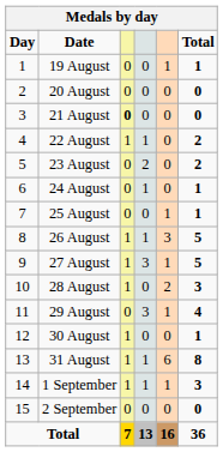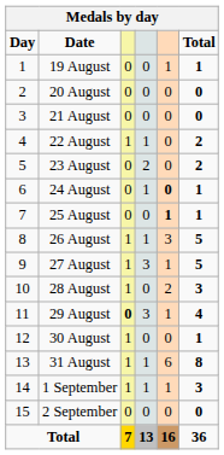 <table class=wikitable style="font-size:85%; float:right;text-align:center">
 <tr>
 <th colspan=7>Medals by day</th>
 </tr>
 <tr>
 <td><strong>Day</strong></td>
 <td><strong>Date</strong></td>
 <td bgcolor=F7F6A8></td>
 <td bgcolor=DCE5E5></td>
 <td bgcolor=FFDAB9></td>
 <td><strong>Total</strong></td>
 </tr>
 <tr>
 <td>1</td>
 <td>19 August</td>
 <td bgcolor=F7F6A8>0</td>
 <td bgcolor=DCE5E5>0</td>
 <td bgcolor=FFDAB9>1</td>
 <td><strong>1</strong></td>
 </tr>
 <tr>
 <td>2</td>
 <td>20 August</td>
 <td bgcolor=F7F6A8>0</td>
 <td bgcolor=DCE5E5>0</td>
 <td bgcolor=FFDAB9>0</td>
 <td><strong>0</strong></td>
 </tr>
 <tr>
 <td>3</td>
 <td>21 August</td>
-<td bgcolor=F7F6A8><strong>0</strong></td>
+<td bgcolor=F7F6A8>0</td>
 <td bgcolor=DCE5E5>0</td>
 <td bgcolor=FFDAB9>0</td>
 <td><strong>0</strong></td>
 </tr>
 <tr>
 <td>4</td>
 <td>22 August</td>
 <td bgcolor=F7F6A8>1</td>
 <td bgcolor=DCE5E5>1</td>
 <td bgcolor=FFDAB9>0</td>
 <td><strong>2</strong></td>
 </tr>
 <tr>
 <td>5</td>
 <td>23 August</td>
 <td bgcolor=F7F6A8>0</td>
 <td bgcolor=DCE5E5>2</td>
 <td bgcolor=FFDAB9>0</td>
 <td><strong>2</strong></td>
 </tr>
 <tr>
 <td>6</td>
 <td>24 August</td>
 <td bgcolor=F7F6A8>0</td>
 <td bgcolor=DCE5E5>1</td>
-<td bgcolor=FFDAB9>0</td>
+<td bgcolor=FFDAB9><strong>0</strong></td>
 <td><strong>1</strong></td>
 </tr>
 <tr>
 <td>7</td>
 <td>25 August</td>
 <td bgcolor=F7F6A8>0</td>
 <td bgcolor=DCE5E5>0</td>
-<td bgcolor=FFDAB9>1</td>
+<td bgcolor=FFDAB9><strong>1</strong></td>
 <td><strong>1</strong></td>
 </tr>
 <tr>
 <td>8</td>
 <td>26 August</td>
 <td bgcolor=F7F6A8>1</td>
 <td bgcolor=DCE5E5>1</td>
 <td bgcolor=FFDAB9>3</td>
 <td><strong>5</strong></td>
 </tr>
 <tr>
 <td>9</td>
 <td>27 August</td>
 <td bgcolor=F7F6A8>1</td>
 <td bgcolor=DCE5E5>3</td>
 <td bgcolor=FFDAB9>1</td>
 <td><strong>5</strong></td>
 </tr>
 <tr>
 <td>10</td>
 <td>28 August</td>
 <td bgcolor=F7F6A8>1</td>
 <td bgcolor=DCE5E5>0</td>
 <td bgcolor=FFDAB9>2</td>
 <td><strong>3</strong></td>
 </tr>
 <tr>
 <td>11</td>
 <td>29 August</td>
-<td bgcolor=F7F6A8>0</td>
+<td bgcolor=F7F6A8><strong>0</strong></td>
 <td bgcolor=DCE5E5>3</td>
 <td bgcolor=FFDAB9>1</td>
 <td><strong>4</strong></td>
 </tr>
 <tr>
 <td>12</td>
 <td>30 August</td>
 <td bgcolor=F7F6A8>1</td>
 <td bgcolor=DCE5E5>0</td>
 <td bgcolor=FFDAB9>0</td>
 <td><strong>1</strong></td>
 </tr>
 <tr>
 <td>13</td>
 <td>31 August</td>
 <td bgcolor=F7F6A8>1</td>
 <td bgcolor=DCE5E5>1</td>
 <td bgcolor=FFDAB9>6</td>
 <td><strong>8</strong></td>
 </tr>
 <tr>
 <td>14</td>
 <td>1 September</td>
 <td bgcolor=F7F6A8>1</td>
 <td bgcolor=DCE5E5>1</td>
 <td bgcolor=FFDAB9>1</td>
 <td><strong>3</strong></td>
 </tr>
 <tr>
 <td>15</td>
 <td>2 September</td>
 <td bgcolor=F7F6A8>0</td>
 <td bgcolor=DCE5E5>0</td>
 <td bgcolor=FFDAB9>0</td>
 <td><strong>0</strong></td>
 </tr>
 <tr>
 <td colspan=2><strong>Total</strong></td>
 <td style="background:gold;"><strong>7</strong></td>
 <td style="background:silver;"><strong>13</strong></td>
 <td style="background:#c96;"><strong>16</strong></td>
 <td><strong>36</strong></td>
 </tr>
 </table>
